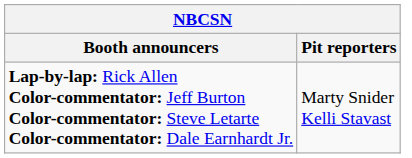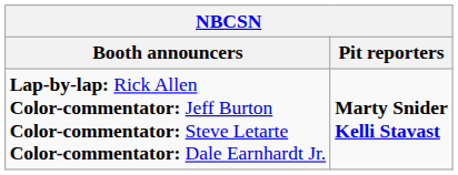 <table class="wikitable" style="font-size: 95%">
 <tr>
 <th colspan="2"><a href='#'>NBCSN</a></th>
 </tr>
 <tr>
 <th>Booth announcers</th>
 <th>Pit reporters</th>
 </tr>
 <tr>
 <td><strong>Lap-by-lap:</strong> <a href='#'>Rick Allen</a><br><strong>Color-commentator:</strong> <a href='#'>Jeff Burton</a><br><strong>Color-commentator:</strong> <a href='#'>Steve Letarte</a><br><strong>Color-commentator:</strong> <a href='#'>Dale Earnhardt Jr.</a></td>
-<td>Marty Snider<br><a href='#'>Kelli Stavast</a></td>
+<td><strong>Marty Snider<br><a href='#'>Kelli Stavast</a></strong></td>
 </tr>
 </table>
